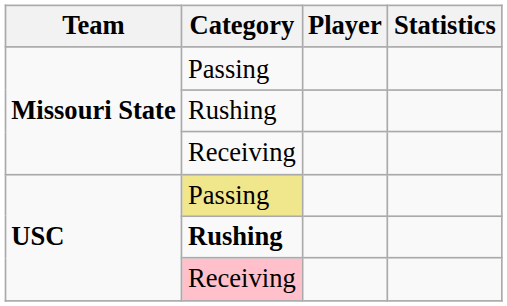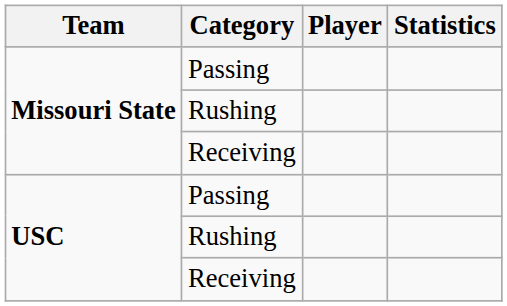 <table class="wikitable" style="float: right;">
 <tr>
 <th>Team</th>
 <th>Category</th>
 <th>Player</th>
 <th>Statistics</th>
 </tr>
 <tr>
 <td rowspan=3><strong>Missouri State</strong></td>
 <td>Passing</td>
 <td></td>
 <td></td>
 </tr>
 <tr>
 <td>Rushing</td>
 <td></td>
 <td></td>
 </tr>
 <tr>
 <td>Receiving</td>
 <td></td>
 <td></td>
 </tr>
 <tr>
 <td rowspan=3><strong>USC</strong></td>
-<td style="background: khaki;">Passing</td>
+<td>Passing</td>
 <td></td>
 <td></td>
 </tr>
 <tr>
-<td><strong>Rushing</strong></td>
+<td>Rushing</td>
 <td></td>
 <td></td>
 </tr>
 <tr>
-<td style="background: pink;">Receiving</td>
+<td>Receiving</td>
 <td></td>
 <td></td>
 </tr>
 </table>
